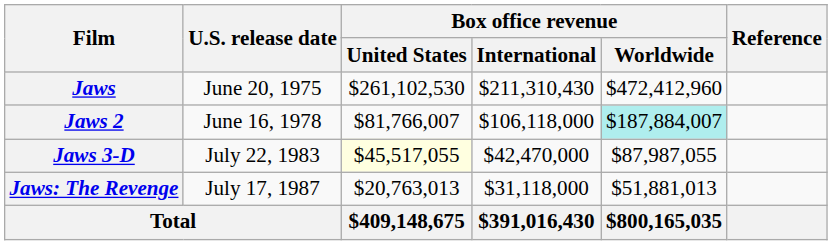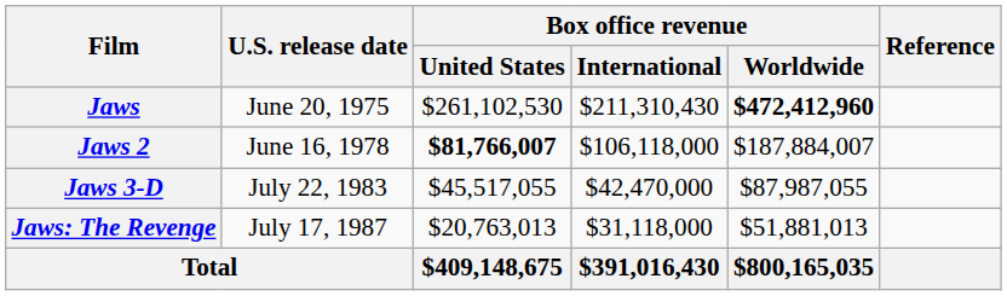 <table class="wikitable plainrowheaders" style="text-align:center;">
 <tr>
 <th rowspan="2" align="center">Film</th>
 <th rowspan="2" align="center">U.S. release date</th>
 <th colspan="3" align="center">Box office revenue</th>
 <th rowspan="2" align="center">Reference</th>
 </tr>
 <tr>
 <th align="center">United States</th>
 <th align="center">International</th>
 <th align="center">Worldwide</th>
 </tr>
 <tr>
 <th scope="row"><em><a href='#'>Jaws</a></em></th>
 <td align="center">June 20, 1975</td>
 <td align="center">$261,102,530</td>
 <td align="center">$211,310,430</td>
-<td align="center">$472,412,960</td>
+<td align="center"><strong>$472,412,960</strong></td>
 <td align="center"></td>
 </tr>
 <tr>
 <th scope="row"><em><a href='#'>Jaws 2</a></em></th>
 <td align="center">June 16, 1978</td>
-<td align="center">$81,766,007</td>
+<td align="center"><strong>$81,766,007</strong></td>
 <td align="center">$106,118,000</td>
-<td align="center" style="background: paleturquoise;">$187,884,007</td>
+<td align="center">$187,884,007</td>
 <td align="center"></td>
 </tr>
 <tr>
 <th scope="row"><em><a href='#'>Jaws 3-D</a></em></th>
 <td align="center">July 22, 1983</td>
-<td align="center" style="background: lightyellow;">$45,517,055</td>
+<td align="center">$45,517,055</td>
 <td align="center">$42,470,000</td>
 <td align="center">$87,987,055</td>
 <td align="center"></td>
 </tr>
 <tr>
 <th scope="row"><em><a href='#'>Jaws: The Revenge</a></em></th>
 <td align="center">July 17, 1987</td>
 <td align="center">$20,763,013</td>
 <td align="center">$31,118,000</td>
 <td align="center">$51,881,013</td>
 <td align="center"></td>
 </tr>
 <tr>
 <th colspan="2">Total</th>
 <th align="center">$409,148,675</th>
 <th align="center">$391,016,430</th>
 <th align="center">$800,165,035</th>
 <th></th>
 </tr>
 </table>
